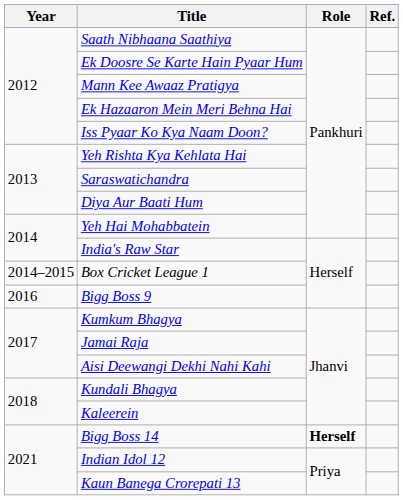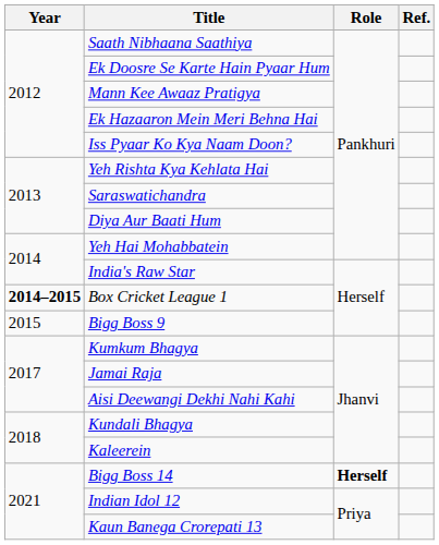 <table class="wikitable">
 <tr>
 <th>Year</th>
 <th>Title</th>
 <th>Role</th>
 <th>Ref.</th>
 </tr>
 <tr>
 <td rowspan="5">2012</td>
 <td><em><a href='#'>Saath Nibhaana Saathiya</a></em></td>
 <td rowspan="9">Pankhuri</td>
 <td></td>
 </tr>
 <tr>
 <td><em><a href='#'>Ek Doosre Se Karte Hain Pyaar Hum</a></em></td>
 <td></td>
 </tr>
 <tr>
 <td><em><a href='#'>Mann Kee Awaaz Pratigya</a></em></td>
 <td></td>
 </tr>
 <tr>
 <td><em><a href='#'>Ek Hazaaron Mein Meri Behna Hai</a></em></td>
 <td></td>
 </tr>
 <tr>
 <td><em><a href='#'>Iss Pyaar Ko Kya Naam Doon?</a></em></td>
 <td></td>
 </tr>
 <tr>
 <td rowspan="3">2013</td>
 <td><em><a href='#'>Yeh Rishta Kya Kehlata Hai</a></em></td>
 <td></td>
 </tr>
 <tr>
 <td><em><a href='#'>Saraswatichandra</a></em></td>
 <td></td>
 </tr>
 <tr>
 <td><em><a href='#'>Diya Aur Baati Hum</a></em></td>
 <td></td>
 </tr>
 <tr>
 <td rowspan="2">2014</td>
 <td><em><a href='#'>Yeh Hai Mohabbatein</a></em></td>
 <td></td>
 </tr>
 <tr>
 <td><em><a href='#'>India's Raw Star</a></em></td>
 <td rowspan="3">Herself</td>
 <td></td>
 </tr>
 <tr>
-<td>2014–2015</td>
+<td><strong>2014–2015</strong></td>
 <td><em>Box Cricket League 1</em></td>
 <td></td>
 </tr>
 <tr>
-<td>2016</td>
+<td>2015</td>
 <td><em><a href='#'>Bigg Boss 9</a></em></td>
 <td></td>
 </tr>
 <tr>
 <td rowspan="3">2017</td>
 <td><em><a href='#'>Kumkum Bhagya</a></em></td>
 <td rowspan="5">Jhanvi</td>
 <td></td>
 </tr>
 <tr>
 <td><em><a href='#'>Jamai Raja</a></em></td>
 <td></td>
 </tr>
 <tr>
 <td><em><a href='#'>Aisi Deewangi Dekhi Nahi Kahi</a></em></td>
 <td></td>
 </tr>
 <tr>
 <td rowspan="2">2018</td>
 <td><em><a href='#'>Kundali Bhagya</a></em></td>
 <td></td>
 </tr>
 <tr>
 <td><em><a href='#'>Kaleerein</a></em></td>
 <td></td>
 </tr>
 <tr>
 <td rowspan="3">2021</td>
 <td><em><a href='#'>Bigg Boss 14</a></em></td>
 <td><strong>Herself</strong></td>
 <td></td>
 </tr>
 <tr>
 <td><em><a href='#'>Indian Idol 12</a></em></td>
 <td rowspan="2">Priya</td>
 <td></td>
 </tr>
 <tr>
 <td><em><a href='#'>Kaun Banega Crorepati 13</a></em></td>
 <td></td>
 </tr>
 </table>
